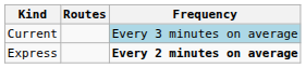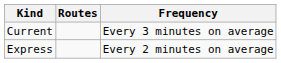 <table class="wikitable" style="margin-left: auto; margin-right: auto; border: none;">
 <tr>
 <th>Kind</th>
 <th>Routes</th>
 <th>Frequency</th>
 </tr>
 <tr>
 <td>Current</td>
 <td>  </td>
-<td style="background: lightblue;">Every 3 minutes on average</td>
+<td>Every 3 minutes on average</td>
 </tr>
 <tr>
 <td>Express</td>
 <td></td>
-<td><strong>Every 2 minutes on average</strong></td>
+<td>Every 2 minutes on average</td>
 </tr>
 </table>
